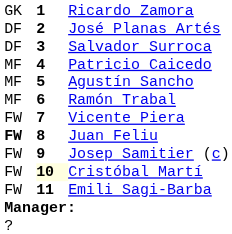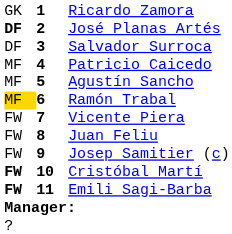 <table style="font-size:90%; margin:0.2em auto;" cellspacing="0" cellpadding="0">
 <tr>
 <th width="25"></th>
 <th width="25"></th>
 </tr>
 <tr>
 <td>GK</td>
 <td><strong>1</strong></td>
 <td> <a href='#'>Ricardo Zamora</a></td>
 </tr>
 <tr>
-<td>DF</td>
+<td><strong>DF</strong></td>
 <td><strong>2</strong></td>
 <td> <a href='#'>José Planas Artés</a></td>
 </tr>
 <tr>
 <td>DF</td>
 <td><strong>3</strong></td>
 <td> <a href='#'>Salvador Surroca</a></td>
 </tr>
 <tr>
 <td>MF</td>
 <td><strong>4</strong></td>
 <td> <a href='#'>Patricio Caicedo</a></td>
 </tr>
 <tr>
 <td>MF</td>
 <td><strong>5</strong></td>
 <td> <a href='#'>Agustín Sancho</a></td>
 </tr>
 <tr>
-<td>MF</td>
+<td style="background: gold;">MF</td>
 <td><strong>6</strong></td>
 <td> <a href='#'>Ramón Trabal</a></td>
 </tr>
 <tr>
 <td>FW</td>
 <td><strong>7</strong></td>
 <td> <a href='#'>Vicente Piera</a></td>
 </tr>
 <tr>
-<td><strong>FW</strong></td>
+<td>FW</td>
 <td><strong>8</strong></td>
 <td> <a href='#'>Juan Feliu</a></td>
 </tr>
 <tr>
 <td>FW</td>
 <td><strong>9</strong></td>
 <td> <a href='#'>Josep Samitier</a> (<a href='#'>c</a>)</td>
 </tr>
 <tr>
-<td>FW</td>
-<td style="background: lightyellow;"><strong>10</strong></td>
+<td><strong>FW</strong></td>
+<td><strong>10</strong></td>
 <td> <a href='#'>Cristóbal Martí</a></td>
 </tr>
 <tr>
-<td>FW</td>
+<td><strong>FW</strong></td>
 <td><strong>11</strong></td>
 <td> <a href='#'>Emili Sagi-Barba</a></td>
 </tr>
 <tr>
 <td colspan=3><strong>Manager:</strong></td>
 </tr>
 <tr>
 <td colspan=4>?</td>
 </tr>
 </table>
